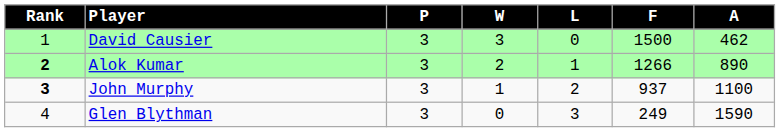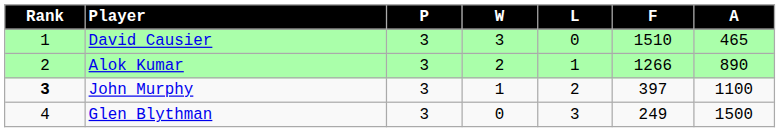 <table border="2" cellpadding="2" cellspacing="0" style="margin: 0; background: #f9f9f9; border: 1px #aaa solid; border-collapse: collapse; font-size: 100%;" width=50%>
 <tr>
 <th bgcolor="000000" style="color:white; text-align:center" width=5%>Rank</th>
 <th bgcolor="000000" style="color:white; text-align:left" width=20%>Player</th>
 <th bgcolor="000000" style="color:white; text-align:center" width=5%>P</th>
 <th bgcolor="000000" style="color:white; text-align:center" width=5%>W</th>
 <th bgcolor="000000" style="color:white; text-align:center" width=5%>L</th>
 <th bgcolor="000000" style="color:white; text-align:center" width=5%>F</th>
 <th bgcolor="000000" style="color:white; text-align:center" width=5%>A</th>
 </tr>
 <tr>
 <td style="text-align:center; background:#aaffaa">1</td>
 <td style="text-align:left; background:#aaffaa"> <a href='#'>David Causier</a></td>
 <td style="text-align:center; background:#aaffaa">3</td>
 <td style="text-align:center; background:#aaffaa">3</td>
 <td style="text-align:center; background:#aaffaa">0</td>
-<td style="text-align:center; background:#aaffaa">1500</td>
-<td style="text-align:center; background:#aaffaa">462</td>
+<td style="text-align:center; background:#aaffaa">1510</td>
+<td style="text-align:center; background:#aaffaa">465</td>
 </tr>
 <tr>
-<td style="text-align:center; background:#aaffaa"><strong>2</strong></td>
+<td style="text-align:center; background:#aaffaa">2</td>
 <td style="text-align:left; background:#aaffaa"> <a href='#'>Alok Kumar</a></td>
 <td style="text-align:center; background:#aaffaa">3</td>
 <td style="text-align:center; background:#aaffaa">2</td>
 <td style="text-align:center; background:#aaffaa">1</td>
 <td style="text-align:center; background:#aaffaa">1266</td>
 <td style="text-align:center; background:#aaffaa">890</td>
 </tr>
 <tr>
 <td style="text-align:center"><strong>3</strong></td>
 <td style="text-align:left;"> <a href='#'>John Murphy</a></td>
 <td style="text-align:center;">3</td>
 <td style="text-align:center;">1</td>
 <td style="text-align:center;">2</td>
-<td style="text-align:center;">937</td>
+<td style="text-align:center;">397</td>
 <td style="text-align:center;">1100</td>
 </tr>
 <tr>
 <td style="text-align:center">4</td>
 <td style="text-align:left;"> <a href='#'>Glen Blythman</a></td>
 <td style="text-align:center;">3</td>
 <td style="text-align:center;">0</td>
 <td style="text-align:center;">3</td>
 <td style="text-align:center;">249</td>
-<td style="text-align:center;">1590</td>
+<td style="text-align:center;">1500</td>
 </tr>
 </table>
